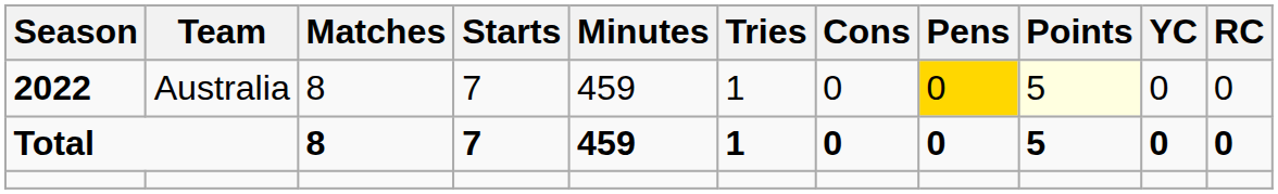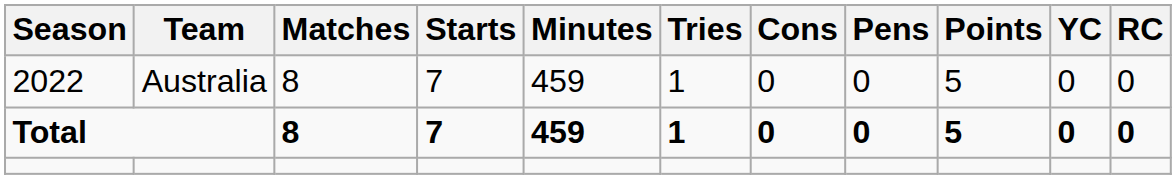 <table class="wikitable">
 <tr>
 <th>Season</th>
 <th>Team</th>
 <th>Matches</th>
 <th>Starts</th>
 <th>Minutes</th>
 <th>Tries</th>
 <th>Cons</th>
 <th>Pens</th>
 <th>Points</th>
 <th>YC</th>
 <th>RC</th>
 </tr>
 <tr>
-<td><strong>2022</strong></td>
+<td>2022</td>
 <td>Australia</td>
 <td>8</td>
 <td>7</td>
 <td>459</td>
 <td>1</td>
 <td>0</td>
-<td style="background: gold;">0</td>
-<td style="background: lightyellow;">5</td>
+<td>0</td>
+<td>5</td>
 <td>0</td>
 <td>0</td>
 </tr>
 <tr>
 <td colspan="2" rowspan="1"><strong>Total</strong></td>
 <td><strong>8</strong></td>
 <td><strong>7</strong></td>
 <td><strong>459</strong></td>
 <td><strong>1</strong></td>
 <td><strong>0</strong></td>
 <td><strong>0</strong></td>
 <td><strong>5</strong></td>
 <td><strong>0</strong></td>
 <td><strong>0</strong></td>
 </tr>
 <tr>
 <td></td>
 <td></td>
 <td></td>
 <td></td>
 <td></td>
 <td></td>
 <td></td>
 <td></td>
 <td></td>
 <td></td>
 <td></td>
 </tr>
 </table>
